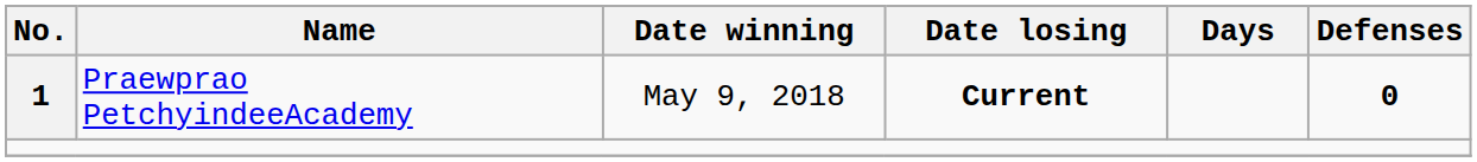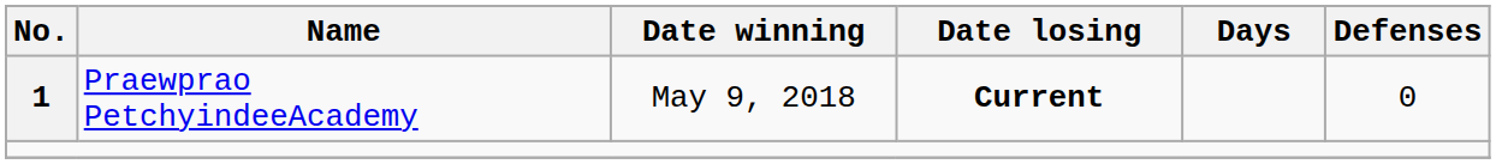 <table class="wikitable" width=100%>
 <tr>
 <th style="width:1%;">No.</th>
 <th style="width:37%;">Name</th>
 <th style="width:20%;">Date winning</th>
 <th style="width:20%;">Date losing</th>
 <th data-sort-type="number" style="width:10%;">Days</th>
 <th data-sort-type="number" style="width:10%;">Defenses</th>
 </tr>
 <tr align=center>
 <th>1</th>
 <td align=left> <a href='#'>Praewprao PetchyindeeAcademy</a></td>
 <td>May 9, 2018</td>
 <td><strong>Current</strong></td>
 <td></td>
-<td><strong>0</strong></td>
+<td>0</td>
 </tr>
 <tr>
 <td colspan="6"></td>
 </tr>
 <tr>
 </tr>
 </table>
